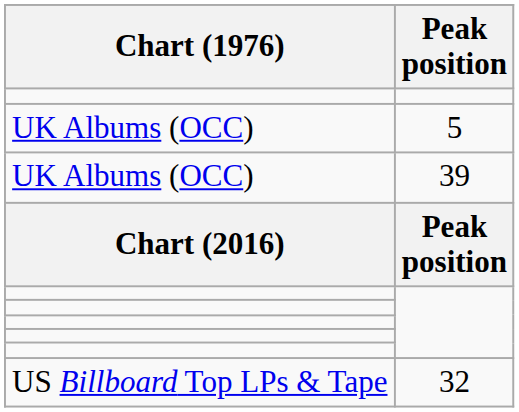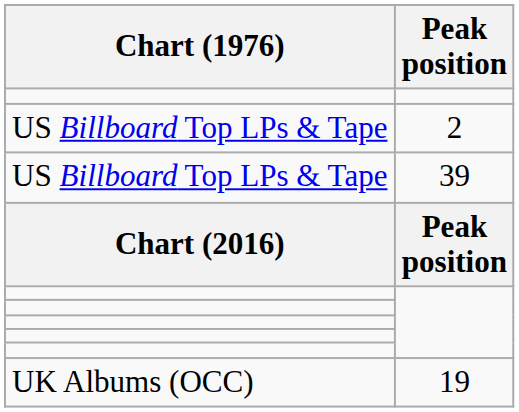 <table class="wikitable sortable">
 <tr>
 <th scope="col">Chart (1976)</th>
 <th scope="col">Peak<br> position</th>
 </tr>
 <tr>
 <td></td>
 </tr>
 <tr>
-<td><a href='#'>UK Albums</a> (<a href='#'>OCC</a>)</td>
-<td style="text-align:center;">5</td>
+<td>US <a href='#'><em>Billboard</em> Top LPs & Tape</a></td>
+<td style="text-align:center;">2</td>
 </tr>
 <tr>
-<td><a href='#'>UK Albums</a> (<a href='#'>OCC</a>)</td>
+<td>US <a href='#'><em>Billboard</em> Top LPs & Tape</a></td>
 <td align="center">39</td>
 </tr>
 <tr>
 <th scope="col">Chart (2016)</th>
 <th scope="col">Peak<br> position</th>
 </tr>
 <tr>
 <td></td>
 </tr>
 <tr>
 <td></td>
 </tr>
 <tr>
 <td></td>
 </tr>
 <tr>
 <td></td>
 </tr>
 <tr>
 <td></td>
 </tr>
 <tr>
-<td>US <a href='#'><em>Billboard</em> Top LPs & Tape</a></td>
-<td align="center">32</td>
+<td>UK Albums (OCC)</td>
+<td align="center">19</td>
 </tr>
 </table>
